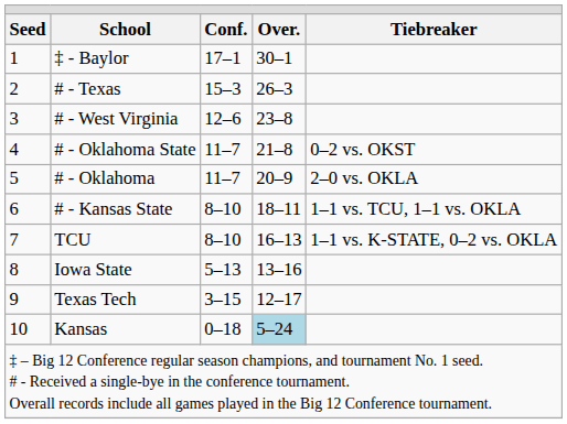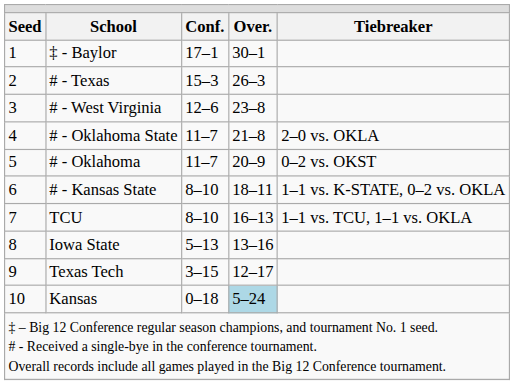 <table class="wikitable" style="white-space:nowrap; font-size:90%;">
 <tr>
 <td colspan="10" style="text-align:center; background:#DDDDDD; font:#000000"><strong></strong></td>
 </tr>
 <tr bgcolor="#efefef">
 <th>Seed</th>
 <th>School</th>
 <th>Conf.</th>
 <th>Over.</th>
 <th>Tiebreaker</th>
 </tr>
 <tr>
 <td>1</td>
 <td>‡ - Baylor</td>
 <td>17–1</td>
 <td>30–1</td>
 <td></td>
 </tr>
 <tr>
 <td>2</td>
 <td># - Texas</td>
 <td>15–3</td>
 <td>26–3</td>
 <td></td>
 </tr>
 <tr>
 <td>3</td>
 <td># - West Virginia</td>
 <td>12–6</td>
 <td>23–8</td>
 <td></td>
 </tr>
 <tr>
 <td>4</td>
 <td># - Oklahoma State</td>
 <td>11–7</td>
 <td>21–8</td>
-<td>0–2 vs. OKST</td>
+<td>2–0 vs. OKLA</td>
 </tr>
 <tr>
 <td>5</td>
 <td># - Oklahoma</td>
 <td>11–7</td>
 <td>20–9</td>
-<td>2–0 vs. OKLA</td>
+<td>0–2 vs. OKST</td>
 </tr>
 <tr>
 <td>6</td>
 <td># - Kansas State</td>
 <td>8–10</td>
 <td>18–11</td>
-<td>1–1 vs. TCU, 1–1 vs. OKLA</td>
+<td>1–1 vs. K-STATE, 0–2 vs. OKLA</td>
 </tr>
 <tr>
 <td>7</td>
 <td>TCU</td>
 <td>8–10</td>
 <td>16–13</td>
-<td>1–1 vs. K-STATE, 0–2 vs. OKLA</td>
+<td>1–1 vs. TCU, 1–1 vs. OKLA</td>
 </tr>
 <tr>
 <td>8</td>
 <td>Iowa State</td>
 <td>5–13</td>
 <td>13–16</td>
 <td></td>
 </tr>
 <tr>
 <td>9</td>
 <td>Texas Tech</td>
 <td>3–15</td>
 <td>12–17</td>
 <td></td>
 </tr>
 <tr>
 <td>10</td>
 <td>Kansas</td>
 <td>0–18</td>
 <td style="background: lightblue;">5–24</td>
 <td></td>
 </tr>
 <tr>
 <td colspan="10" style="text-align:left;"><small>‡ – Big 12 Conference regular season champions, and tournament No. 1 seed.<br># - Received a single-bye in the conference tournament.<br>Overall records include all games played in the Big 12 Conference tournament.</small></td>
 </tr>
 <tr>
 </tr>
 </table>
